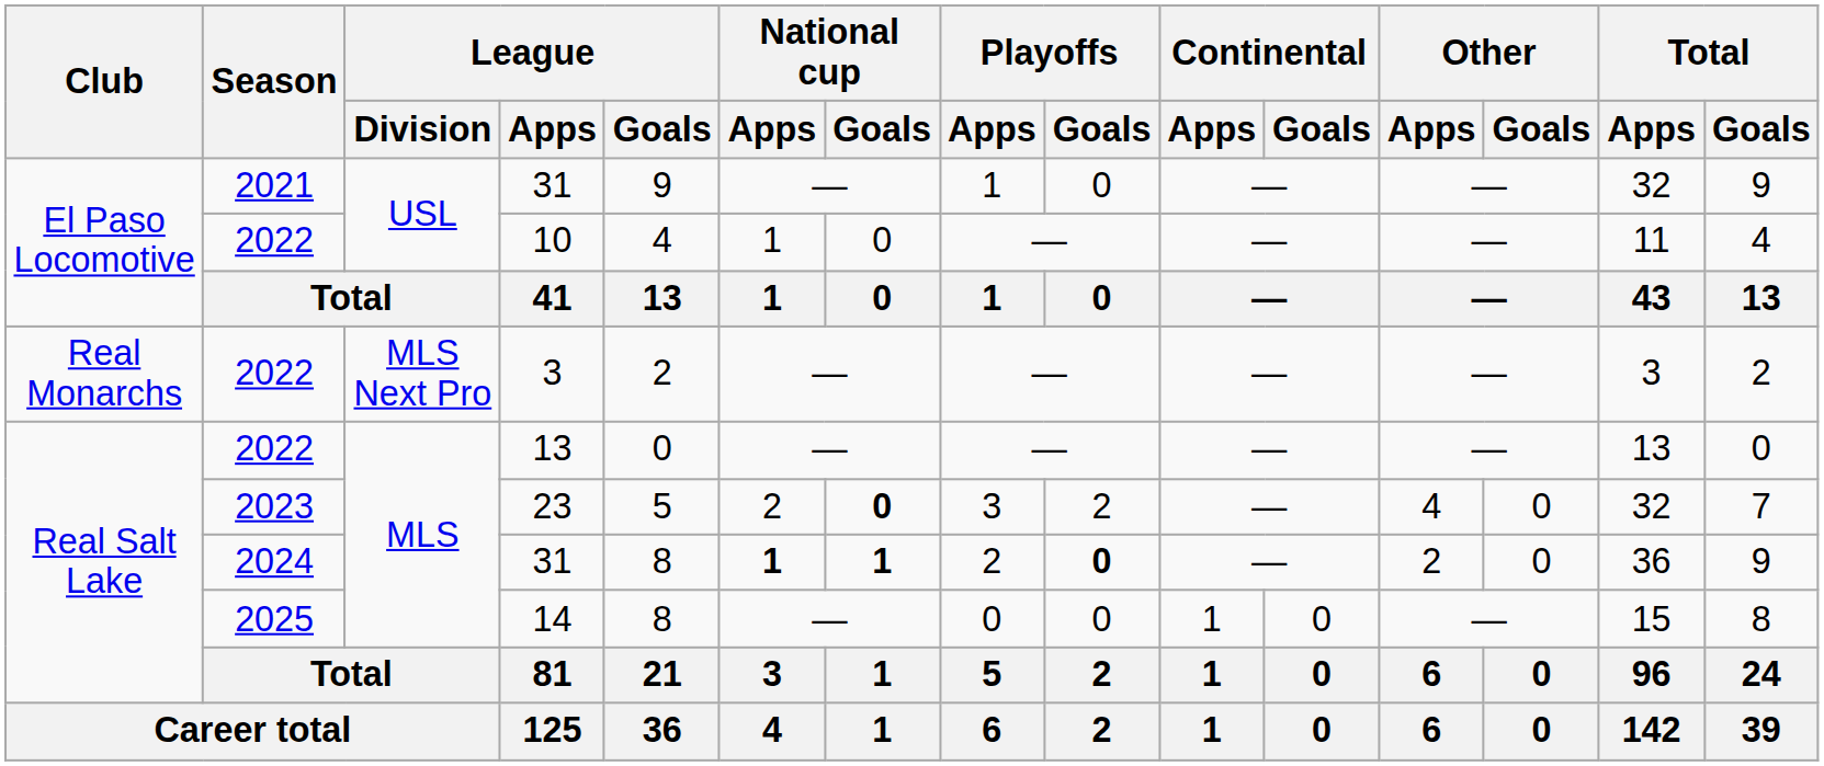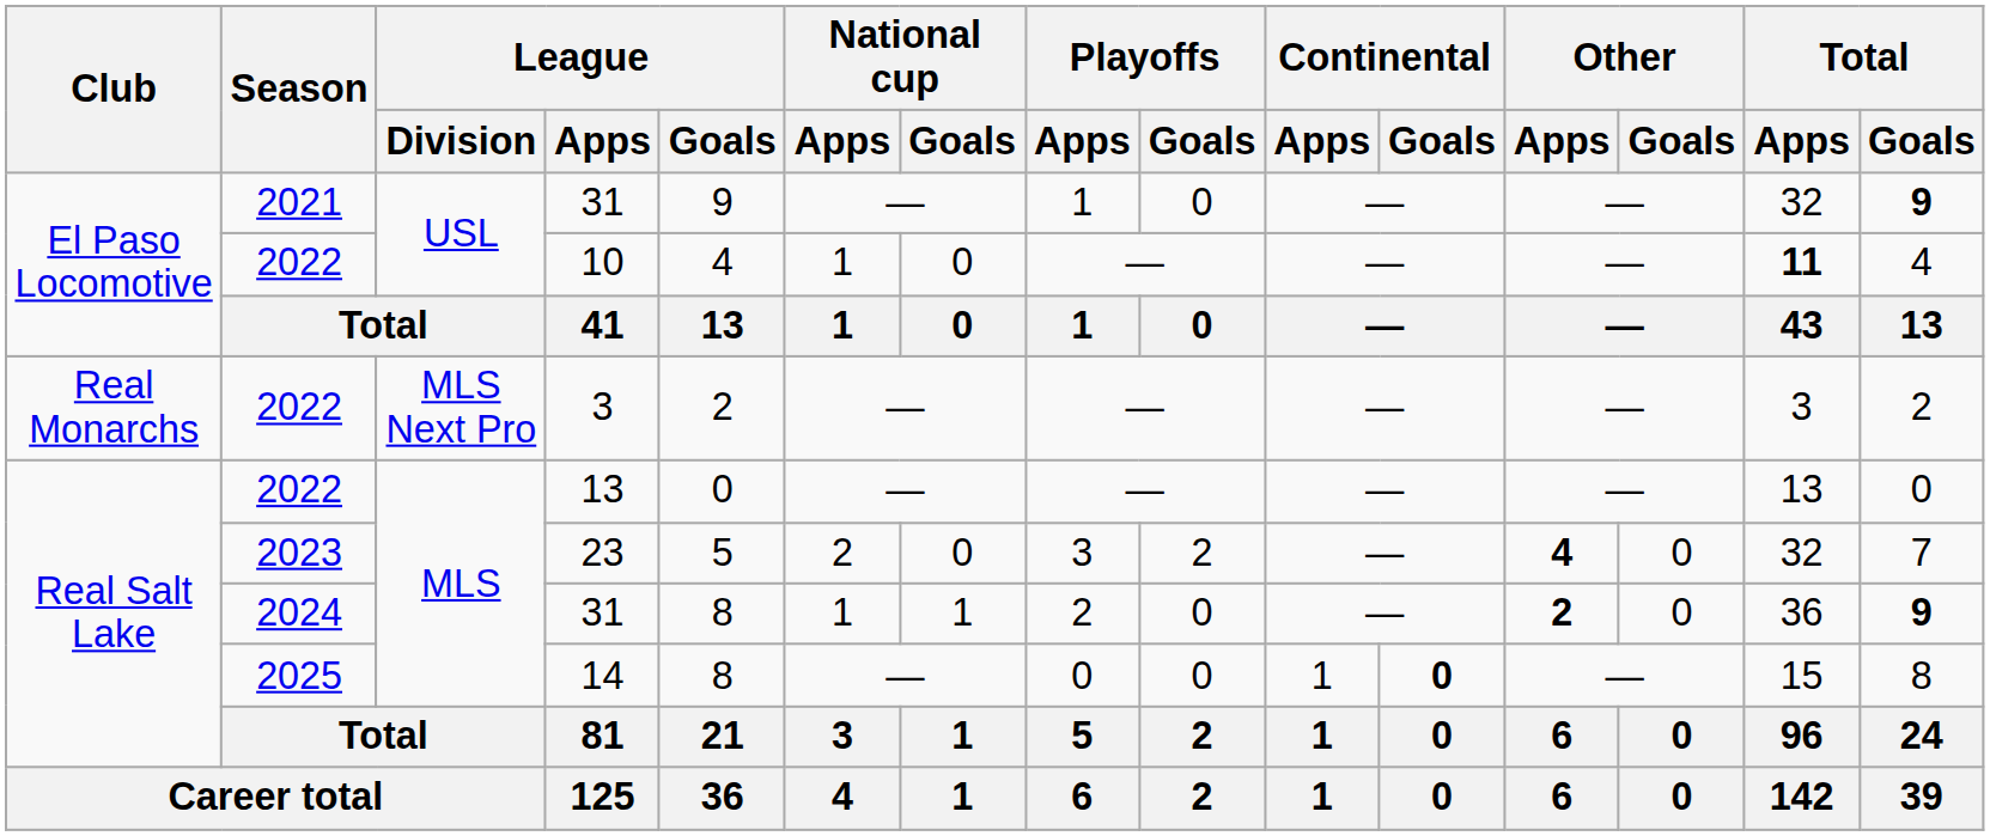 <table class=wikitable style=text-align:center>
 <tr>
 <th rowspan=2>Club</th>
 <th rowspan=2>Season</th>
 <th colspan=3>League</th>
 <th colspan=2>National cup</th>
 <th colspan=2>Playoffs</th>
 <th colspan=2>Continental</th>
 <th colspan=2>Other</th>
 <th colspan=2>Total</th>
 </tr>
 <tr>
 <th>Division</th>
 <th>Apps</th>
 <th>Goals</th>
 <th>Apps</th>
 <th>Goals</th>
 <th>Apps</th>
 <th>Goals</th>
 <th>Apps</th>
 <th>Goals</th>
 <th>Apps</th>
 <th>Goals</th>
 <th>Apps</th>
 <th>Goals</th>
 </tr>
 <tr>
 <td rowspan=3><a href='#'>El Paso Locomotive</a></td>
 <td><a href='#'>2021</a></td>
 <td rowspan=2><a href='#'>USL</a></td>
 <td>31</td>
 <td>9</td>
 <td colspan=2>—</td>
 <td>1</td>
 <td>0</td>
 <td colspan=2>—</td>
 <td colspan=2>—</td>
 <td>32</td>
-<td>9</td>
+<td><strong>9</strong></td>
 </tr>
 <tr>
 <td><a href='#'>2022</a></td>
 <td>10</td>
 <td>4</td>
 <td>1</td>
 <td>0</td>
 <td colspan=2>—</td>
 <td colspan=2>—</td>
 <td colspan=2>—</td>
-<td>11</td>
+<td><strong>11</strong></td>
 <td>4</td>
 </tr>
 <tr>
 <th colspan=2>Total</th>
 <th>41</th>
 <th>13</th>
 <th>1</th>
 <th>0</th>
 <th>1</th>
 <th>0</th>
 <th colspan=2>—</th>
 <th colspan=2>—</th>
 <th>43</th>
 <th>13</th>
 </tr>
 <tr>
 <td rowspan=1><a href='#'>Real Monarchs</a></td>
 <td><a href='#'>2022</a></td>
 <td rowspan=1><a href='#'>MLS Next Pro</a></td>
 <td>3</td>
 <td>2</td>
 <td colspan=2>—</td>
 <td colspan=2>—</td>
 <td colspan=2>—</td>
 <td colspan=2>—</td>
 <td>3</td>
 <td>2</td>
 </tr>
 <tr>
 <td rowspan=5><a href='#'>Real Salt Lake</a></td>
 <td><a href='#'>2022</a></td>
 <td rowspan=4><a href='#'>MLS</a></td>
 <td>13</td>
 <td>0</td>
 <td colspan=2>—</td>
 <td colspan=2>—</td>
 <td colspan=2>—</td>
 <td colspan=2>—</td>
 <td>13</td>
 <td>0</td>
 </tr>
 <tr>
 <td><a href='#'>2023</a></td>
 <td>23</td>
 <td>5</td>
 <td>2</td>
-<td><strong>0</strong></td>
+<td>0</td>
 <td>3</td>
 <td>2</td>
 <td colspan=2>—</td>
-<td>4</td>
+<td><strong>4</strong></td>
 <td>0</td>
 <td>32</td>
 <td>7</td>
 </tr>
 <tr>
 <td><a href='#'>2024</a></td>
 <td>31</td>
 <td>8</td>
-<td><strong>1</strong></td>
-<td><strong>1</strong></td>
-<td>2</td>
-<td><strong>0</strong></td>
-<td colspan=2>—</td>
+<td>1</td>
+<td>1</td>
 <td>2</td>
 <td>0</td>
+<td colspan=2>—</td>
+<td><strong>2</strong></td>
+<td>0</td>
 <td>36</td>
-<td>9</td>
+<td><strong>9</strong></td>
 </tr>
 <tr>
 <td><a href='#'>2025</a></td>
 <td>14</td>
 <td>8</td>
 <td colspan=2>—</td>
 <td>0</td>
 <td>0</td>
 <td>1</td>
-<td>0</td>
+<td><strong>0</strong></td>
 <td colspan=2>—</td>
 <td>15</td>
 <td>8</td>
 </tr>
 <tr>
 <th colspan=2>Total</th>
 <th>81</th>
 <th>21</th>
 <th>3</th>
 <th>1</th>
 <th>5</th>
 <th>2</th>
 <th>1</th>
 <th>0</th>
 <th>6</th>
 <th>0</th>
 <th>96</th>
 <th>24</th>
 </tr>
 <tr>
 <th colspan=3>Career total</th>
 <th>125</th>
 <th>36</th>
 <th>4</th>
 <th>1</th>
 <th>6</th>
 <th>2</th>
 <th>1</th>
 <th>0</th>
 <th>6</th>
 <th>0</th>
 <th>142</th>
 <th>39</th>
 </tr>
 </table>
